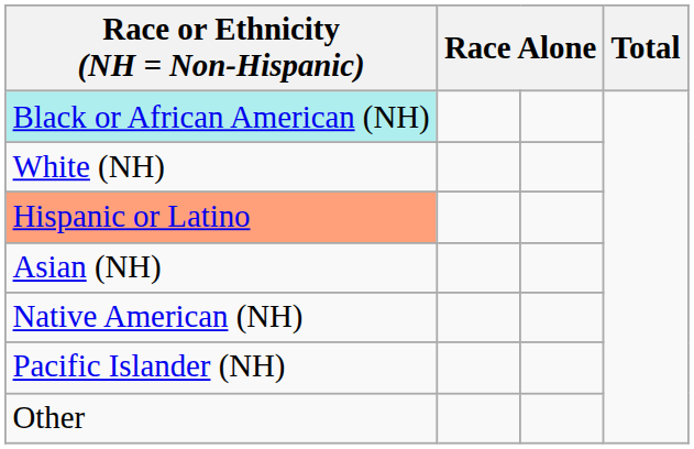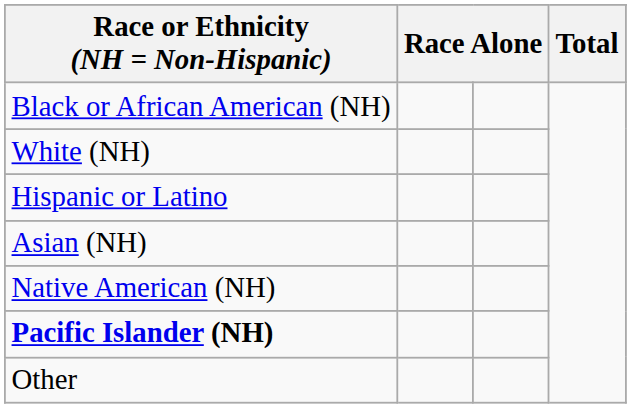 <table class="wikitable sortable collapsible"; text-align:right; font-size:80%;>
 <tr>
 <th>Race or Ethnicity<br> <em>(NH = Non-Hispanic)</em></th>
 <th colspan="2" data-sort-type=number>Race Alone</th>
 <th colspan="2" data-sort-type=number>Total</th>
 </tr>
 <tr>
-<td style="background: paleturquoise;"><a href='#'>Black or African American</a> (NH)</td>
+<td><a href='#'>Black or African American</a> (NH)</td>
 <td aline=right></td>
 <td aline=right></td>
 </tr>
 <tr>
 <td><a href='#'>White</a> (NH)</td>
 <td aline=right></td>
 <td aline=right></td>
 </tr>
 <tr>
-<td style="background: lightsalmon;"><a href='#'>Hispanic or Latino</a></td>
+<td><a href='#'>Hispanic or Latino</a></td>
 <td aline=right></td>
 <td aline=right></td>
 </tr>
 <tr>
 <td><a href='#'>Asian</a> (NH)</td>
 <td aline=right></td>
 <td aline=right></td>
 </tr>
 <tr>
 <td><a href='#'>Native American</a> (NH)</td>
 <td aline=right></td>
 <td aline=right></td>
 </tr>
 <tr>
-<td><a href='#'>Pacific Islander</a> (NH)</td>
+<td><strong><a href='#'>Pacific Islander</a> (NH)</strong></td>
 <td aline=right></td>
 <td aline=right></td>
 </tr>
 <tr>
 <td>Other</td>
 <td aline=right></td>
 <td aline=right></td>
 </tr>
 </table>
